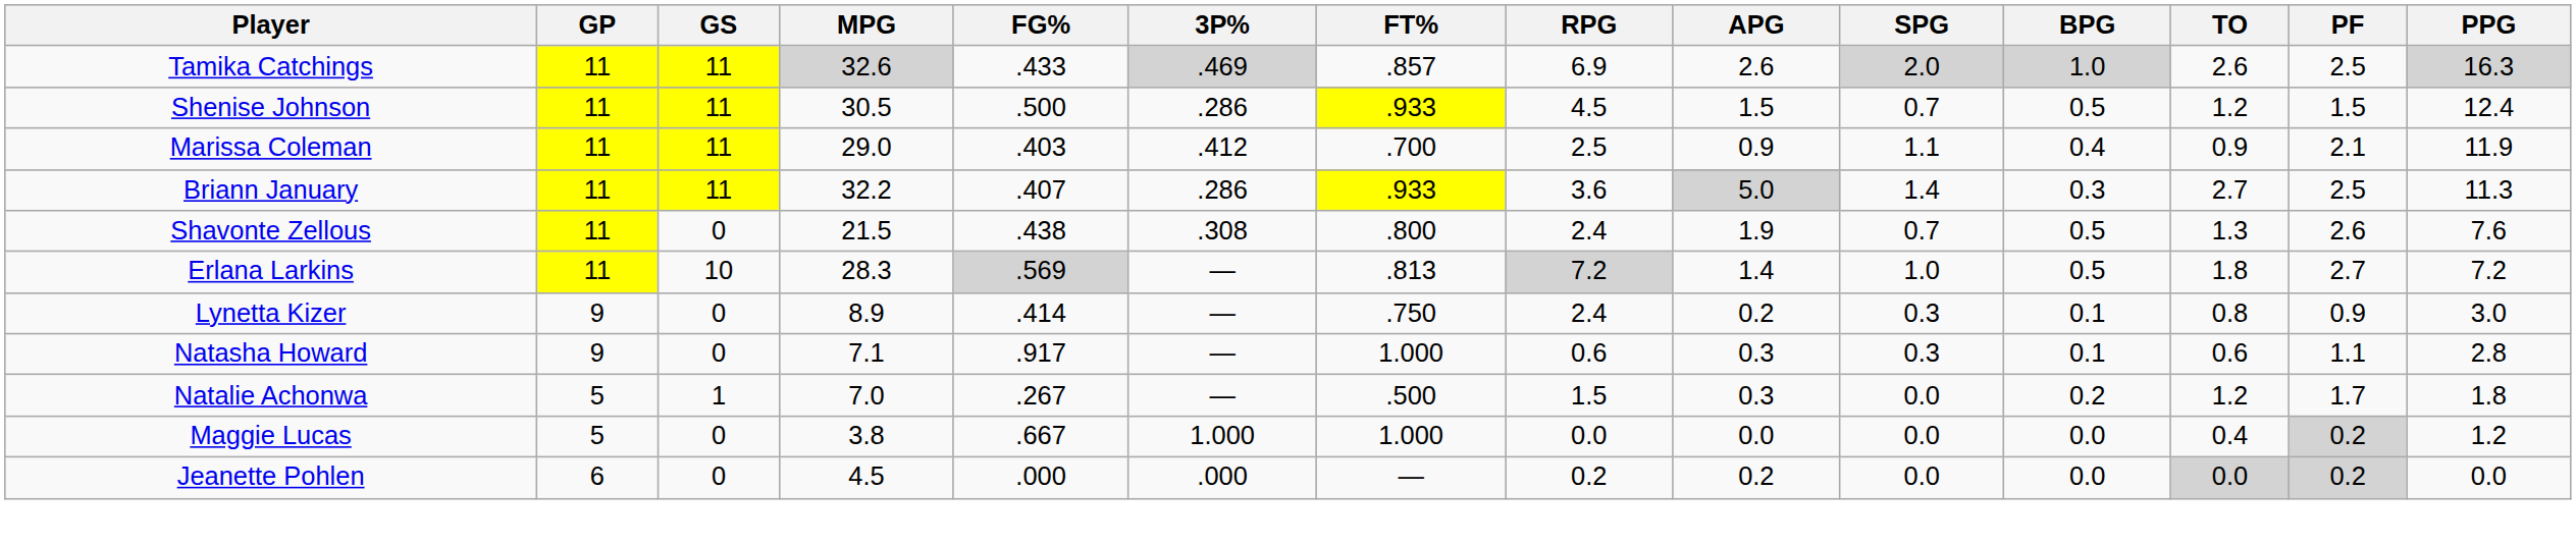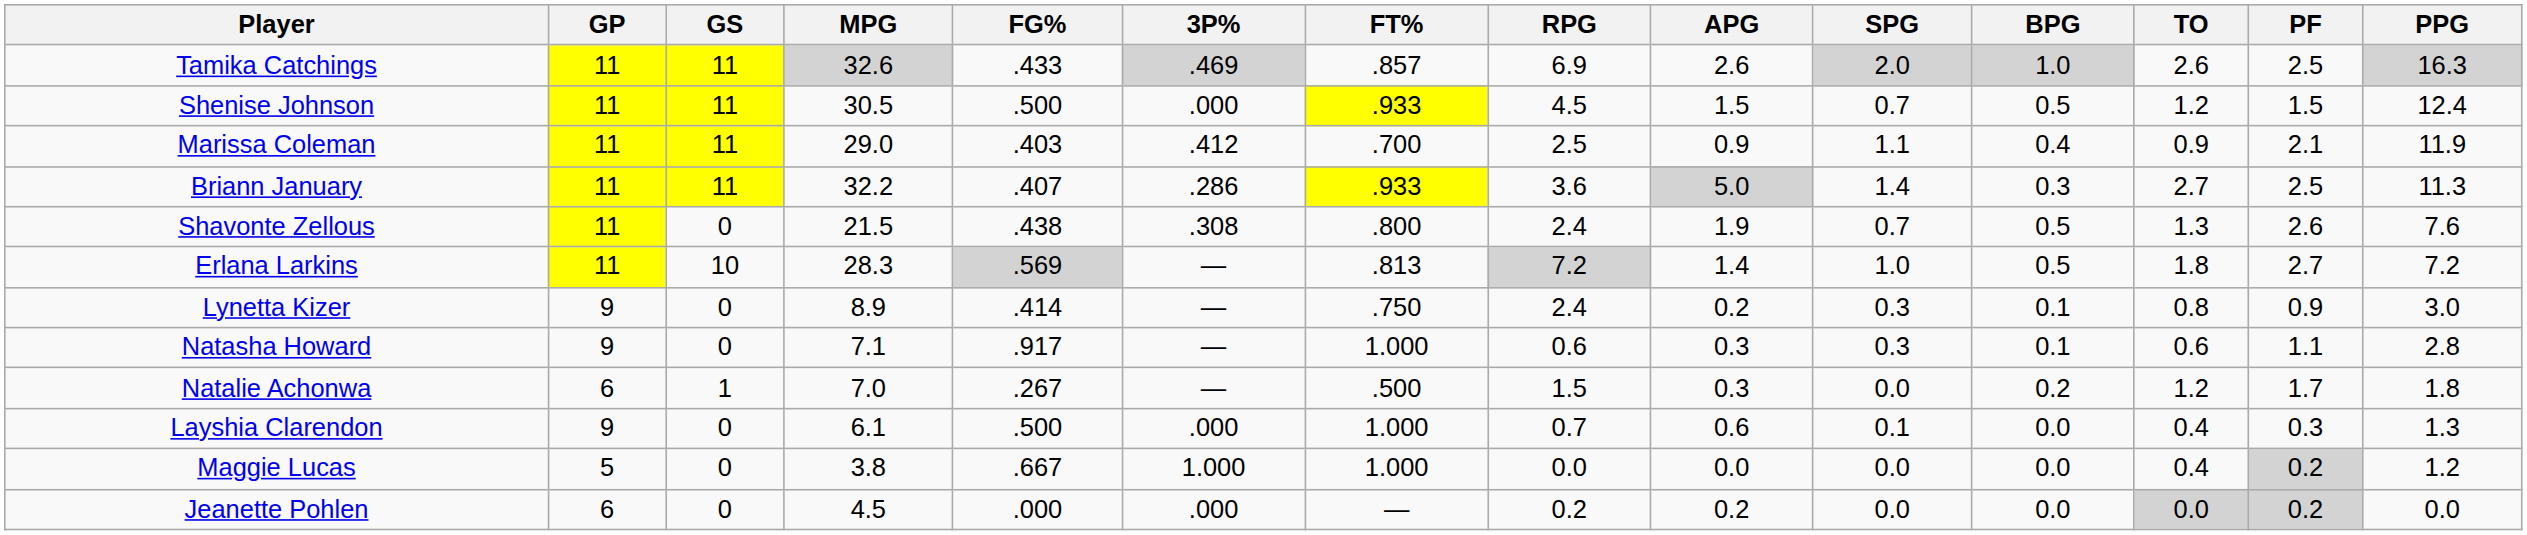 <table class="wikitable sortable" style="text-align: center; width:100%">
 <tr>
 <th>Player</th>
 <th>GP</th>
 <th>GS</th>
 <th>MPG</th>
 <th>FG%</th>
 <th>3P%</th>
 <th>FT%</th>
 <th>RPG</th>
 <th>APG</th>
 <th>SPG</th>
 <th>BPG</th>
 <th>TO</th>
 <th>PF</th>
 <th>PPG</th>
 </tr>
 <tr>
 <td><a href='#'>Tamika Catchings</a></td>
 <td bgcolor=yellow>11</td>
 <td bgcolor=yellow>11</td>
 <td bgcolor=#D3D3D3>32.6</td>
 <td>.433</td>
 <td bgcolor=#D3D3D3>.469</td>
 <td>.857</td>
 <td>6.9</td>
 <td>2.6</td>
 <td bgcolor=#D3D3D3>2.0</td>
 <td bgcolor=#D3D3D3>1.0</td>
 <td>2.6</td>
 <td>2.5</td>
 <td bgcolor=#D3D3D3>16.3</td>
 </tr>
 <tr>
 <td><a href='#'>Shenise Johnson</a></td>
 <td bgcolor=yellow>11</td>
 <td bgcolor=yellow>11</td>
 <td>30.5</td>
 <td>.500</td>
-<td>.286</td>
+<td>.000</td>
 <td bgcolor=yellow>.933</td>
 <td>4.5</td>
 <td>1.5</td>
 <td>0.7</td>
 <td>0.5</td>
 <td>1.2</td>
 <td>1.5</td>
 <td>12.4</td>
 </tr>
 <tr>
 <td><a href='#'>Marissa Coleman</a></td>
 <td bgcolor=yellow>11</td>
 <td bgcolor=yellow>11</td>
 <td>29.0</td>
 <td>.403</td>
 <td>.412</td>
 <td>.700</td>
 <td>2.5</td>
 <td>0.9</td>
 <td>1.1</td>
 <td>0.4</td>
 <td>0.9</td>
 <td>2.1</td>
 <td>11.9</td>
 </tr>
 <tr>
 <td><a href='#'>Briann January</a></td>
 <td bgcolor=yellow>11</td>
 <td bgcolor=yellow>11</td>
 <td>32.2</td>
 <td>.407</td>
 <td>.286</td>
 <td bgcolor=yellow>.933</td>
 <td>3.6</td>
 <td bgcolor=#D3D3D3>5.0</td>
 <td>1.4</td>
 <td>0.3</td>
 <td>2.7</td>
 <td>2.5</td>
 <td>11.3</td>
 </tr>
 <tr>
 <td><a href='#'>Shavonte Zellous</a></td>
 <td bgcolor=yellow>11</td>
 <td>0</td>
 <td>21.5</td>
 <td>.438</td>
 <td>.308</td>
 <td>.800</td>
 <td>2.4</td>
 <td>1.9</td>
 <td>0.7</td>
 <td>0.5</td>
 <td>1.3</td>
 <td>2.6</td>
 <td>7.6</td>
 </tr>
 <tr>
 <td><a href='#'>Erlana Larkins</a></td>
 <td bgcolor=yellow>11</td>
 <td>10</td>
 <td>28.3</td>
 <td bgcolor=#D3D3D3>.569</td>
 <td>—</td>
 <td>.813</td>
 <td bgcolor=#D3D3D3>7.2</td>
 <td>1.4</td>
 <td>1.0</td>
 <td>0.5</td>
 <td>1.8</td>
 <td>2.7</td>
 <td>7.2</td>
 </tr>
 <tr>
 <td><a href='#'>Lynetta Kizer</a></td>
 <td>9</td>
 <td>0</td>
 <td>8.9</td>
 <td>.414</td>
 <td>—</td>
 <td>.750</td>
 <td>2.4</td>
 <td>0.2</td>
 <td>0.3</td>
 <td>0.1</td>
 <td>0.8</td>
 <td>0.9</td>
 <td>3.0</td>
 </tr>
 <tr>
 <td><a href='#'>Natasha Howard</a></td>
 <td>9</td>
 <td>0</td>
 <td>7.1</td>
 <td>.917</td>
 <td>—</td>
 <td>1.000</td>
 <td>0.6</td>
 <td>0.3</td>
 <td>0.3</td>
 <td>0.1</td>
 <td>0.6</td>
 <td>1.1</td>
 <td>2.8</td>
 </tr>
 <tr>
 <td><a href='#'>Natalie Achonwa</a></td>
-<td>5</td>
+<td>6</td>
 <td>1</td>
 <td>7.0</td>
 <td>.267</td>
 <td>—</td>
 <td>.500</td>
 <td>1.5</td>
 <td>0.3</td>
 <td>0.0</td>
 <td>0.2</td>
 <td>1.2</td>
 <td>1.7</td>
 <td>1.8</td>
+</tr>
+<tr>
+<td><a href='#'>Layshia Clarendon</a></td>
+<td>9</td>
+<td>0</td>
+<td>6.1</td>
+<td>.500</td>
+<td>.000</td>
+<td>1.000</td>
+<td>0.7</td>
+<td>0.6</td>
+<td>0.1</td>
+<td>0.0</td>
+<td>0.4</td>
+<td>0.3</td>
+<td>1.3</td>
 </tr>
 <tr>
 <td><a href='#'>Maggie Lucas</a></td>
 <td>5</td>
 <td>0</td>
 <td>3.8</td>
 <td>.667</td>
 <td>1.000</td>
 <td>1.000</td>
 <td>0.0</td>
 <td>0.0</td>
 <td>0.0</td>
 <td>0.0</td>
 <td>0.4</td>
 <td bgcolor=#D3D3D3>0.2</td>
 <td>1.2</td>
 </tr>
 <tr>
 <td><a href='#'>Jeanette Pohlen</a></td>
 <td>6</td>
 <td>0</td>
 <td>4.5</td>
 <td>.000</td>
 <td>.000</td>
 <td>—</td>
 <td>0.2</td>
 <td>0.2</td>
 <td>0.0</td>
 <td>0.0</td>
 <td bgcolor=#D3D3D3>0.0</td>
 <td bgcolor=#D3D3D3>0.2</td>
 <td>0.0</td>
 </tr>
 </table>
